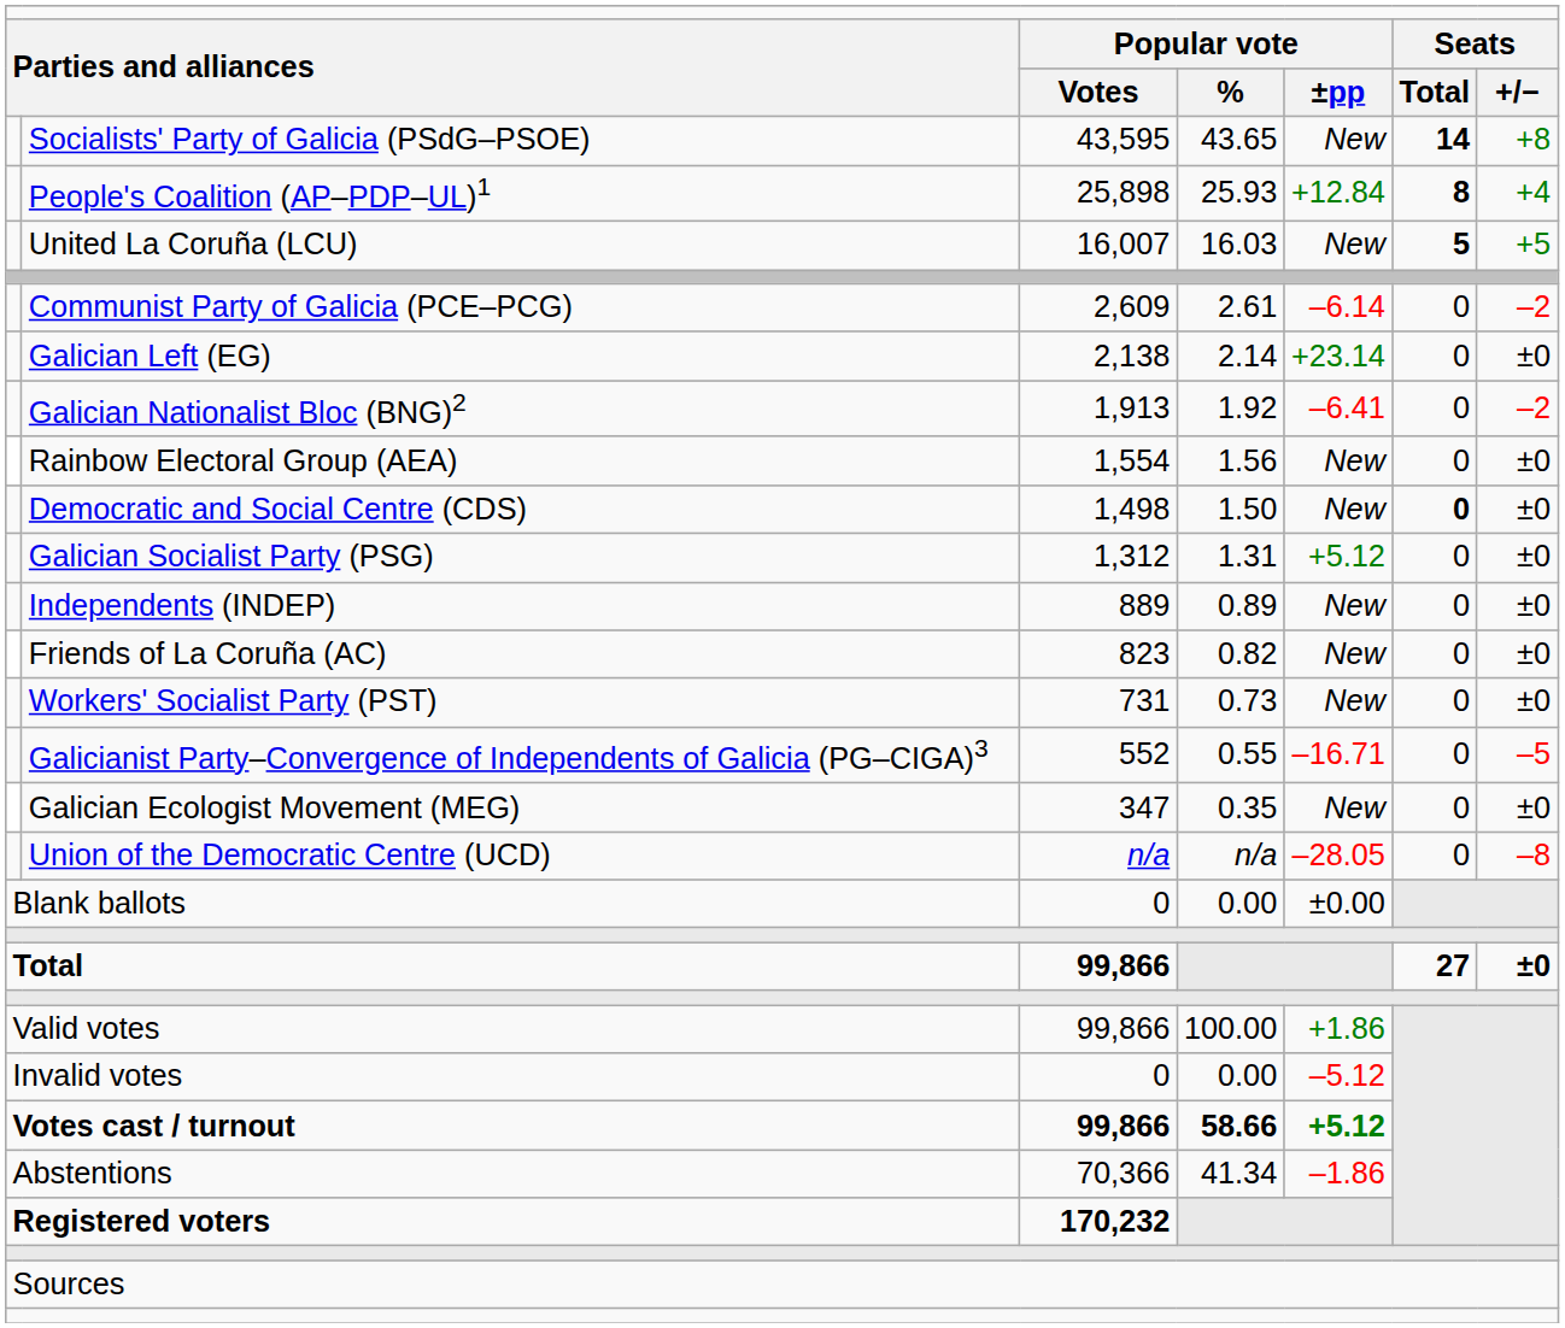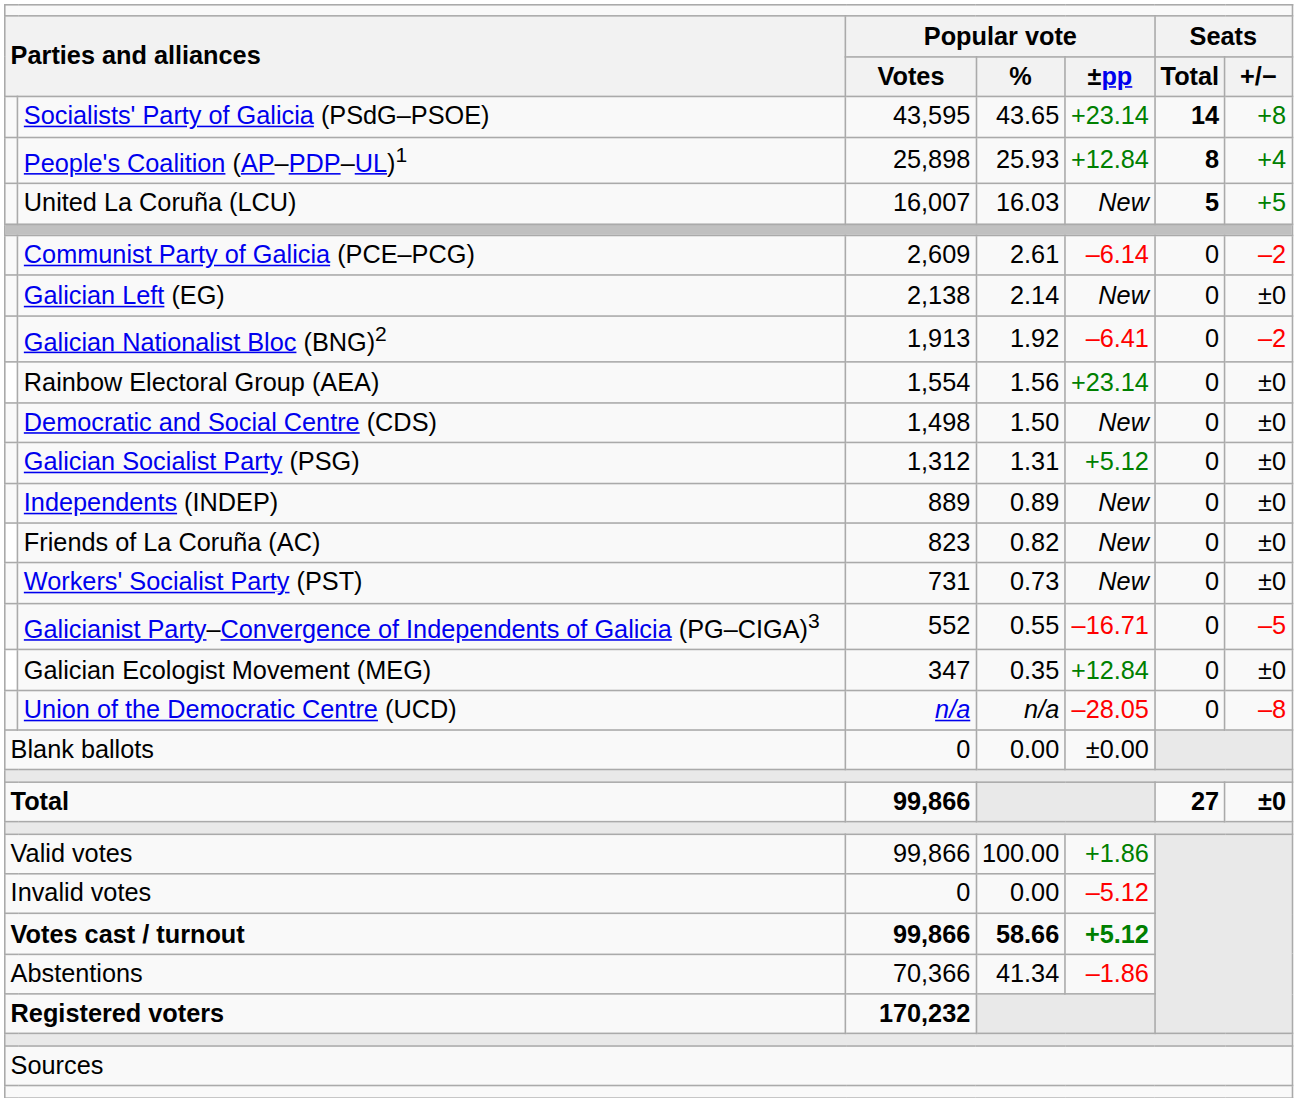 <table class="wikitable" style="text-align:right;">
 <tr>
 <td colspan="7"></td>
 </tr>
 <tr>
 <th style="text-align:left;" rowspan="2" colspan="2" width="525">Parties and alliances</th>
 <th colspan="3">Popular vote</th>
 <th colspan="2">Seats</th>
 </tr>
 <tr>
 <th width="75">Votes</th>
 <th width="45">%</th>
 <th width="45">±<a href='#'>pp</a></th>
 <th width="35">Total</th>
 <th width="35">+/−</th>
 </tr>
 <tr>
 <td width="1" style="color:inherit;background:"></td>
 <td align="left"><a href='#'>Socialists' Party of Galicia</a> (PSdG–PSOE)</td>
 <td>43,595</td>
 <td>43.65</td>
-<td><em>New</em></td>
+<td style="color:green;">+23.14</td>
 <td><strong>14</strong></td>
 <td style="color:green;">+8</td>
 </tr>
 <tr>
 <td style="color:inherit;background:"></td>
 <td align="left"><a href='#'>People's Coalition</a> (<a href='#'>AP</a>–<a href='#'>PDP</a>–<a href='#'>UL</a>)<sup>1</sup></td>
 <td>25,898</td>
 <td>25.93</td>
 <td style="color:green;">+12.84</td>
 <td><strong>8</strong></td>
 <td style="color:green;">+4</td>
 </tr>
 <tr>
 <td style="color:inherit;background:"></td>
 <td align="left">United La Coruña (LCU)</td>
 <td>16,007</td>
 <td>16.03</td>
 <td><em>New</em></td>
 <td><strong>5</strong></td>
 <td style="color:green;">+5</td>
 </tr>
 <tr>
 <td colspan="7" bgcolor="#C0C0C0"></td>
 </tr>
 <tr>
 <td style="color:inherit;background:"></td>
 <td align="left"><a href='#'>Communist Party of Galicia</a> (PCE–PCG)</td>
 <td>2,609</td>
 <td>2.61</td>
 <td style="color:red;">–6.14</td>
 <td>0</td>
 <td style="color:red;">–2</td>
 </tr>
 <tr>
 <td style="color:inherit;background:"></td>
 <td align="left"><a href='#'>Galician Left</a> (EG)</td>
 <td>2,138</td>
 <td>2.14</td>
-<td style="color:green;">+23.14</td>
+<td><em>New</em></td>
 <td>0</td>
 <td>±0</td>
 </tr>
 <tr>
 <td style="color:inherit;background:"></td>
 <td align="left"><a href='#'>Galician Nationalist Bloc</a> (BNG)<sup>2</sup></td>
 <td>1,913</td>
 <td>1.92</td>
 <td style="color:red;">–6.41</td>
 <td>0</td>
 <td style="color:red;">–2</td>
 </tr>
 <tr>
 <td bgcolor="white"></td>
 <td align="left">Rainbow Electoral Group (AEA)</td>
 <td>1,554</td>
 <td>1.56</td>
-<td><em>New</em></td>
+<td style="color:green;">+23.14</td>
 <td>0</td>
 <td>±0</td>
 </tr>
 <tr>
 <td style="color:inherit;background:"></td>
 <td align="left"><a href='#'>Democratic and Social Centre</a> (CDS)</td>
 <td>1,498</td>
 <td>1.50</td>
 <td><em>New</em></td>
-<td><strong>0</strong></td>
+<td>0</td>
 <td>±0</td>
 </tr>
 <tr>
 <td style="color:inherit;background:"></td>
 <td align="left"><a href='#'>Galician Socialist Party</a> (PSG)</td>
 <td>1,312</td>
 <td>1.31</td>
 <td style="color:green;">+5.12</td>
 <td>0</td>
 <td>±0</td>
 </tr>
 <tr>
 <td style="color:inherit;background:"></td>
 <td align="left"><a href='#'>Independents</a> (INDEP)</td>
 <td>889</td>
 <td>0.89</td>
 <td><em>New</em></td>
 <td>0</td>
 <td>±0</td>
 </tr>
 <tr>
 <td bgcolor="white"></td>
 <td align="left">Friends of La Coruña (AC)</td>
 <td>823</td>
 <td>0.82</td>
 <td><em>New</em></td>
 <td>0</td>
 <td>±0</td>
 </tr>
 <tr>
 <td style="color:inherit;background:"></td>
 <td align="left"><a href='#'>Workers' Socialist Party</a> (PST)</td>
 <td>731</td>
 <td>0.73</td>
 <td><em>New</em></td>
 <td>0</td>
 <td>±0</td>
 </tr>
 <tr>
 <td style="color:inherit;background:"></td>
 <td align="left"><a href='#'>Galicianist Party</a>–<a href='#'>Convergence of Independents of Galicia</a> (PG–CIGA)<sup>3</sup></td>
 <td>552</td>
 <td>0.55</td>
 <td style="color:red;">–16.71</td>
 <td>0</td>
 <td style="color:red;">–5</td>
 </tr>
 <tr>
 <td bgcolor="white"></td>
 <td align="left">Galician Ecologist Movement (MEG)</td>
 <td>347</td>
 <td>0.35</td>
-<td><em>New</em></td>
+<td style="color:green;">+12.84</td>
 <td>0</td>
 <td>±0</td>
 </tr>
 <tr>
 <td style="color:inherit;background:"></td>
 <td align="left"><a href='#'>Union of the Democratic Centre</a> (UCD)</td>
 <td><em><a href='#'>n/a</a></em></td>
 <td><em>n/a</em></td>
 <td style="color:red;">–28.05</td>
 <td>0</td>
 <td style="color:red;">–8</td>
 </tr>
 <tr>
 <td align="left" colspan="2">Blank ballots</td>
 <td>0</td>
 <td>0.00</td>
 <td>±0.00</td>
 <td bgcolor="#E9E9E9" colspan="2"></td>
 </tr>
 <tr>
 <td colspan="7" bgcolor="#E9E9E9"></td>
 </tr>
 <tr style="font-weight:bold;">
 <td align="left" colspan="2">Total</td>
 <td>99,866</td>
 <td bgcolor="#E9E9E9" colspan="2"></td>
 <td>27</td>
 <td>±0</td>
 </tr>
 <tr>
 <td colspan="7" bgcolor="#E9E9E9"></td>
 </tr>
 <tr>
 <td align="left" colspan="2">Valid votes</td>
 <td>99,866</td>
 <td>100.00</td>
 <td style="color:green;">+1.86</td>
 <td bgcolor="#E9E9E9" colspan="2" rowspan="5"></td>
 </tr>
 <tr>
 <td align="left" colspan="2">Invalid votes</td>
 <td>0</td>
 <td>0.00</td>
 <td style="color:red;">–5.12</td>
 </tr>
 <tr style="font-weight:bold;">
 <td align="left" colspan="2">Votes cast / turnout</td>
 <td>99,866</td>
 <td>58.66</td>
 <td style="color:green;">+5.12</td>
 </tr>
 <tr>
 <td align="left" colspan="2">Abstentions</td>
 <td>70,366</td>
 <td>41.34</td>
 <td style="color:red;">–1.86</td>
 </tr>
 <tr style="font-weight:bold;">
 <td align="left" colspan="2">Registered voters</td>
 <td>170,232</td>
 <td bgcolor="#E9E9E9" colspan="2"></td>
 </tr>
 <tr>
 <td colspan="7" bgcolor="#E9E9E9"></td>
 </tr>
 <tr>
 <td align="left" colspan="7">Sources</td>
 </tr>
 <tr>
 <td colspan="7" style="text-align:left; max-width:790px;"></td>
 </tr>
 </table>
